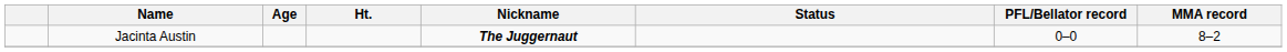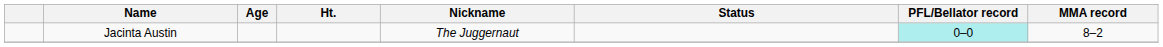 <table class="wikitable sortable" style="text-align:center;">
 <tr>
 <th width=3%></th>
 <th width=15%>Name</th>
 <th width=3%>Age</th>
 <th width=8%>Ht.</th>
 <th width="15%">Nickname</th>
 <th width=25%>Status</th>
 <th width=10%>PFL/Bellator record</th>
 <th width="10%">MMA record</th>
 </tr>
 <tr>
 <td></td>
 <td>Jacinta Austin</td>
 <td></td>
 <td></td>
-<td><strong><em>The Juggernaut</em></strong></td>
+<td><em>The Juggernaut</em></td>
 <td></td>
-<td>0–0</td>
+<td style="background: paleturquoise;">0–0</td>
 <td>8–2</td>
 </tr>
 <tr>
 </tr>
 </table>
